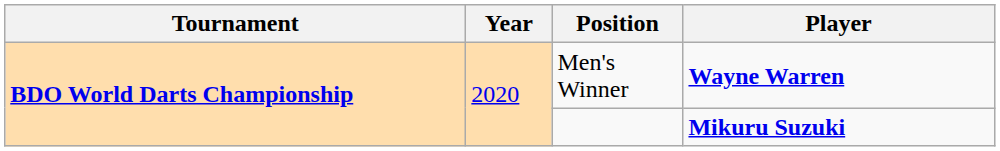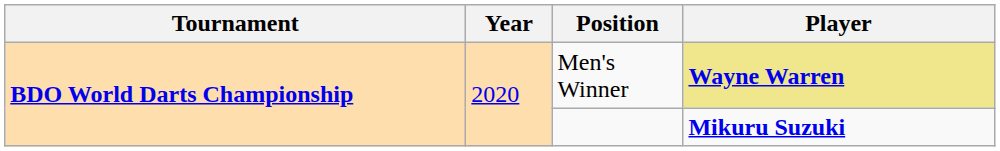 <table class="wikitable">
 <tr>
 <th width=300>Tournament</th>
 <th width=50>Year</th>
 <th width=80>Position</th>
 <th width=200>Player</th>
 </tr>
 <tr>
 <td rowspan="2" style="background:#ffdead;"><strong><a href='#'>BDO World Darts Championship</a></strong></td>
 <td rowspan="2" style="background:#ffdead;"><a href='#'>2020</a></td>
 <td>Men's Winner</td>
-<td> <strong><a href='#'>Wayne Warren</a></strong></td>
+<td style="background: khaki;"> <strong><a href='#'>Wayne Warren</a></strong></td>
 </tr>
 <tr>
 <td></td>
 <td> <strong><a href='#'>Mikuru Suzuki</a></strong></td>
 </tr>
 </table>
